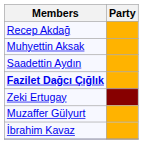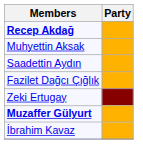 <table class=wikitable style="border:1px solid #8888aa; background-color:#f7f8ff; padding:0px; font-size:90%;">
 <tr>
 <th>Members</th>
 <th colspan="2">Party</th>
 </tr>
 <tr>
-<td><a href='#'>Recep Akdağ</a></td>
+<td><strong><a href='#'>Recep Akdağ</a></strong></td>
 <td style="background: #ffb300"></td>
 </tr>
 <tr>
 <td><a href='#'>Muhyettin Aksak</a></td>
 <td style="background: #ffb300"></td>
 </tr>
 <tr>
 <td><a href='#'>Saadettin Aydın</a></td>
 <td style="background: #ffb300"></td>
 </tr>
 <tr>
-<td><strong><a href='#'>Fazilet Dağcı Çığlık</a></strong></td>
+<td><a href='#'>Fazilet Dağcı Çığlık</a></td>
 <td style="background: #ffb300"></td>
 </tr>
 <tr>
 <td><a href='#'>Zeki Ertugay</a></td>
 <td style="background: #870000"></td>
 </tr>
 <tr>
-<td><a href='#'>Muzaffer Gülyurt</a></td>
+<td><strong><a href='#'>Muzaffer Gülyurt</a></strong></td>
 <td style="background: #ffb300"></td>
 </tr>
 <tr>
 <td><a href='#'>İbrahim Kavaz</a></td>
 <td style="background: #ffb300"></td>
 </tr>
 <tr>
 </tr>
 </table>
